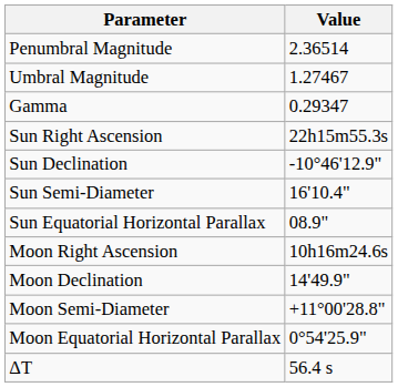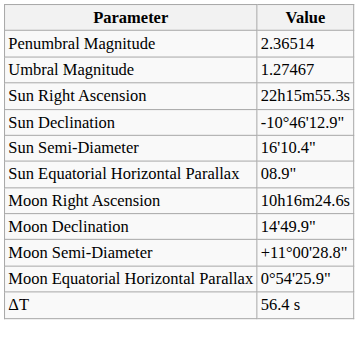 <table class="wikitable">
 <tr>
 <th>Parameter</th>
 <th>Value</th>
 </tr>
 <tr>
 <td>Penumbral Magnitude</td>
 <td>2.36514</td>
 </tr>
 <tr>
 <td>Umbral Magnitude</td>
 <td>1.27467</td>
-</tr>
-<tr>
-<td>Gamma</td>
-<td>0.29347</td>
 </tr>
 <tr>
 <td>Sun Right Ascension</td>
 <td>22h15m55.3s</td>
 </tr>
 <tr>
 <td>Sun Declination</td>
 <td>-10°46'12.9"</td>
 </tr>
 <tr>
 <td>Sun Semi-Diameter</td>
 <td>16'10.4"</td>
 </tr>
 <tr>
 <td>Sun Equatorial Horizontal Parallax</td>
 <td>08.9"</td>
 </tr>
 <tr>
 <td>Moon Right Ascension</td>
 <td>10h16m24.6s</td>
 </tr>
 <tr>
 <td>Moon Declination</td>
 <td>14'49.9"</td>
 </tr>
 <tr>
 <td>Moon Semi-Diameter</td>
 <td>+11°00'28.8"</td>
 </tr>
 <tr>
 <td>Moon Equatorial Horizontal Parallax</td>
 <td>0°54'25.9"</td>
 </tr>
 <tr>
 <td>ΔT</td>
 <td>56.4 s</td>
 </tr>
 </table>
